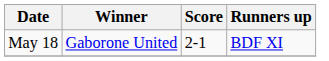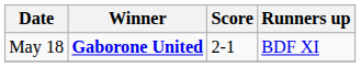 <table class="wikitable sortable plainrowheaders">
 <tr>
 <th scope="col">Date</th>
 <th scope="col">Winner</th>
 <th scope="col">Score</th>
 <th scope="col">Runners up</th>
 </tr>
 <tr>
 <td>May 18</td>
-<td><a href='#'>Gaborone United</a></td>
+<td><strong><a href='#'>Gaborone United</a></strong></td>
 <td>2-1</td>
 <td><a href='#'>BDF XI</a></td>
 </tr>
 <tr>
 </tr>
 </table>
